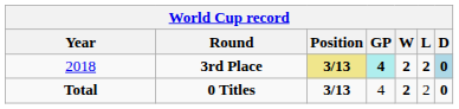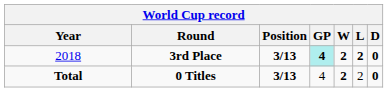 <table class="wikitable" style="text-align: center;">
 <tr>
 <th colspan="7"><a href='#'>World Cup record</a></th>
 </tr>
 <tr>
 <th width="150">Year</th>
 <th width="150">Round</th>
 <th>Position</th>
 <th>GP</th>
 <th>W</th>
 <th>L</th>
 <th>D</th>
 </tr>
 <tr>
 <td> <a href='#'>2018</a></td>
 <td rowspan="1"><strong>3rd Place</strong></td>
-<td style="background: khaki;"><strong>3/13</strong></td>
+<td><strong>3/13</strong></td>
 <td style="background: paleturquoise;"><strong>4</strong></td>
 <td><strong>2</strong></td>
 <td><strong>2</strong></td>
-<td style="background: lightblue;"><strong>0</strong></td>
+<td><strong>0</strong></td>
 </tr>
 <tr>
 <td><strong>Total</strong></td>
 <td><strong>0 Titles</strong></td>
 <td><strong>3/13</strong></td>
 <td>4</td>
 <td><strong>2</strong></td>
 <td>2</td>
 <td><strong>0</strong></td>
 </tr>
 </table>
